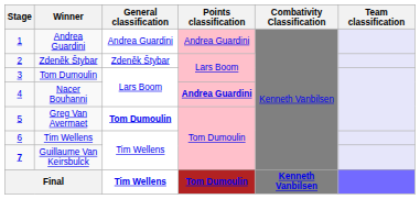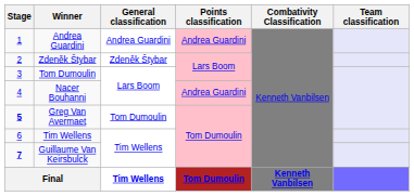 <table class="wikitable" style="text-align: center; font-size:smaller;">
 <tr style="background:#efefef;">
 <th style="width:1%;">Stage</th>
 <th style="width:13%;">Winner</th>
 <th style="width:14%;">General classification<br></th>
 <th style="width:14%;">Points classification<br></th>
 <th style="width:16%;">Combativity Classification<br></th>
 <th style="width:14%;">Team classification<br></th>
 </tr>
 <tr>
 <td><a href='#'>1</a></td>
 <td><a href='#'>Andrea Guardini</a></td>
 <td style="background:white;"><a href='#'>Andrea Guardini</a></td>
 <td style="background:pink"><a href='#'>Andrea Guardini</a></td>
 <td style="background:gray;" rowspan=7><a href='#'>Kenneth Vanbilsen</a></td>
 <td style="background:lavender"></td>
 </tr>
 <tr>
 <td><a href='#'>2</a></td>
 <td><a href='#'>Zdeněk Štybar</a></td>
 <td style="background:white;"><a href='#'>Zdeněk Štybar</a></td>
 <td style="background:pink" rowspan=2><a href='#'>Lars Boom</a></td>
 <td style="background:lavender"></td>
 </tr>
 <tr>
 <td><a href='#'>3</a></td>
 <td><a href='#'>Tom Dumoulin</a></td>
 <td style="background:white;" rowspan=2><a href='#'>Lars Boom</a></td>
 <td style="background:lavender" rowspan=3></td>
 </tr>
 <tr>
 <td><a href='#'>4</a></td>
 <td><a href='#'>Nacer Bouhanni</a></td>
-<td style="background:pink"><strong><a href='#'>Andrea Guardini</a></strong></td>
+<td style="background:pink"><a href='#'>Andrea Guardini</a></td>
 </tr>
 <tr>
-<td><a href='#'>5</a></td>
+<td><strong><a href='#'>5</a></strong></td>
 <td><a href='#'>Greg Van Avermaet</a></td>
-<td style="background:white;"><strong><a href='#'>Tom Dumoulin</a></strong></td>
+<td style="background:white;"><a href='#'>Tom Dumoulin</a></td>
 <td style="background:pink" rowspan=3><a href='#'>Tom Dumoulin</a></td>
 </tr>
 <tr>
 <td><a href='#'>6</a></td>
 <td><a href='#'>Tim Wellens</a></td>
 <td style="background:white;" rowspan=2><a href='#'>Tim Wellens</a></td>
 <td style="background:lavender"></td>
 </tr>
 <tr>
 <td><strong><a href='#'>7</a></strong></td>
 <td><a href='#'>Guillaume Van Keirsbulck</a></td>
 <td style="background:lavender"></td>
 </tr>
 <tr>
 <th colspan=2><strong>Final</strong></th>
 <th style="background:white;"><a href='#'>Tim Wellens</a></th>
 <th style="background:#B22222;"><a href='#'>Tom Dumoulin</a></th>
 <th style="background:gray;"><a href='#'>Kenneth Vanbilsen</a></th>
 <th style="background:#736AFF;"></th>
 </tr>
 </table>
